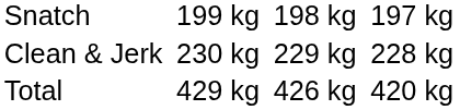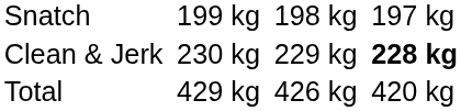 <table>
 <tr>
 <td>Snatch</td>
 <td></td>
 <td>199 kg</td>
 <td></td>
 <td>198 kg</td>
 <td></td>
 <td>197 kg</td>
 </tr>
 <tr>
 <td>Clean & Jerk</td>
 <td></td>
 <td>230 kg</td>
 <td></td>
 <td>229 kg</td>
 <td></td>
-<td>228 kg</td>
+<td><strong>228 kg</strong></td>
 </tr>
 <tr>
 <td>Total</td>
 <td></td>
 <td>429 kg</td>
 <td></td>
 <td>426 kg</td>
 <td></td>
 <td>420 kg</td>
 </tr>
 <tr>
 </tr>
 </table>
